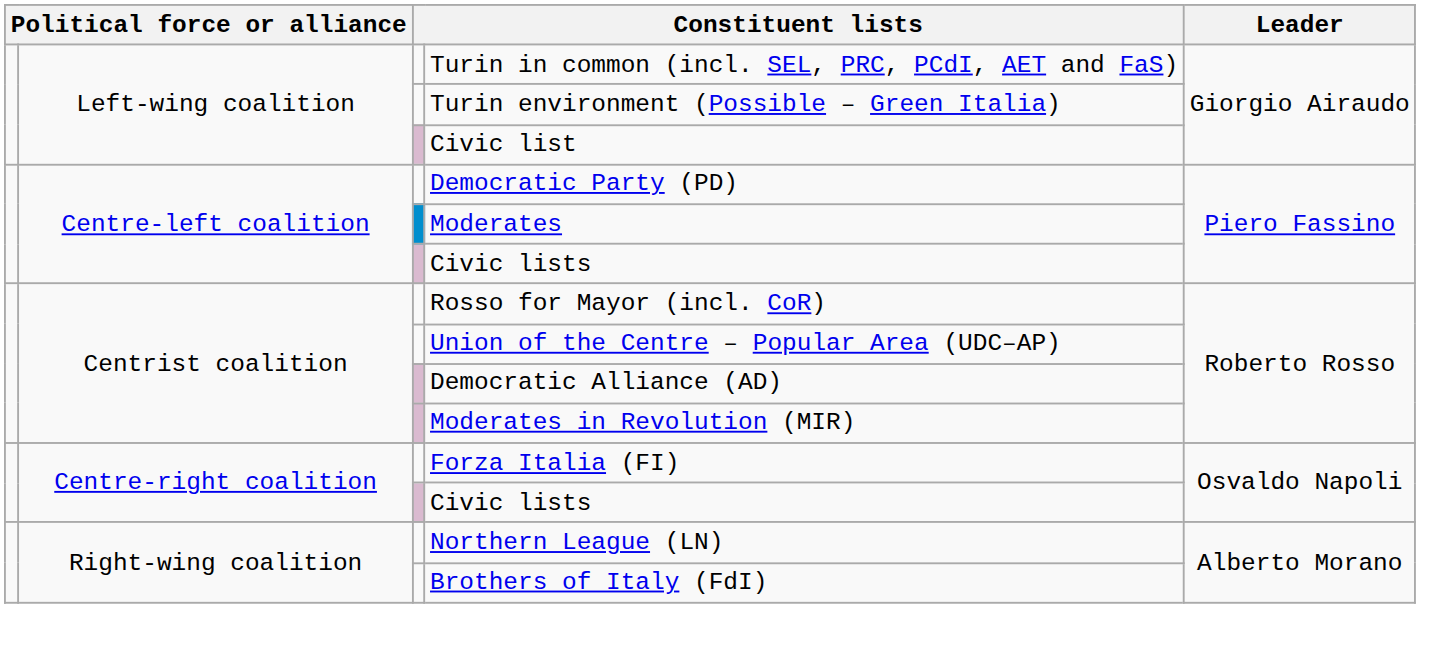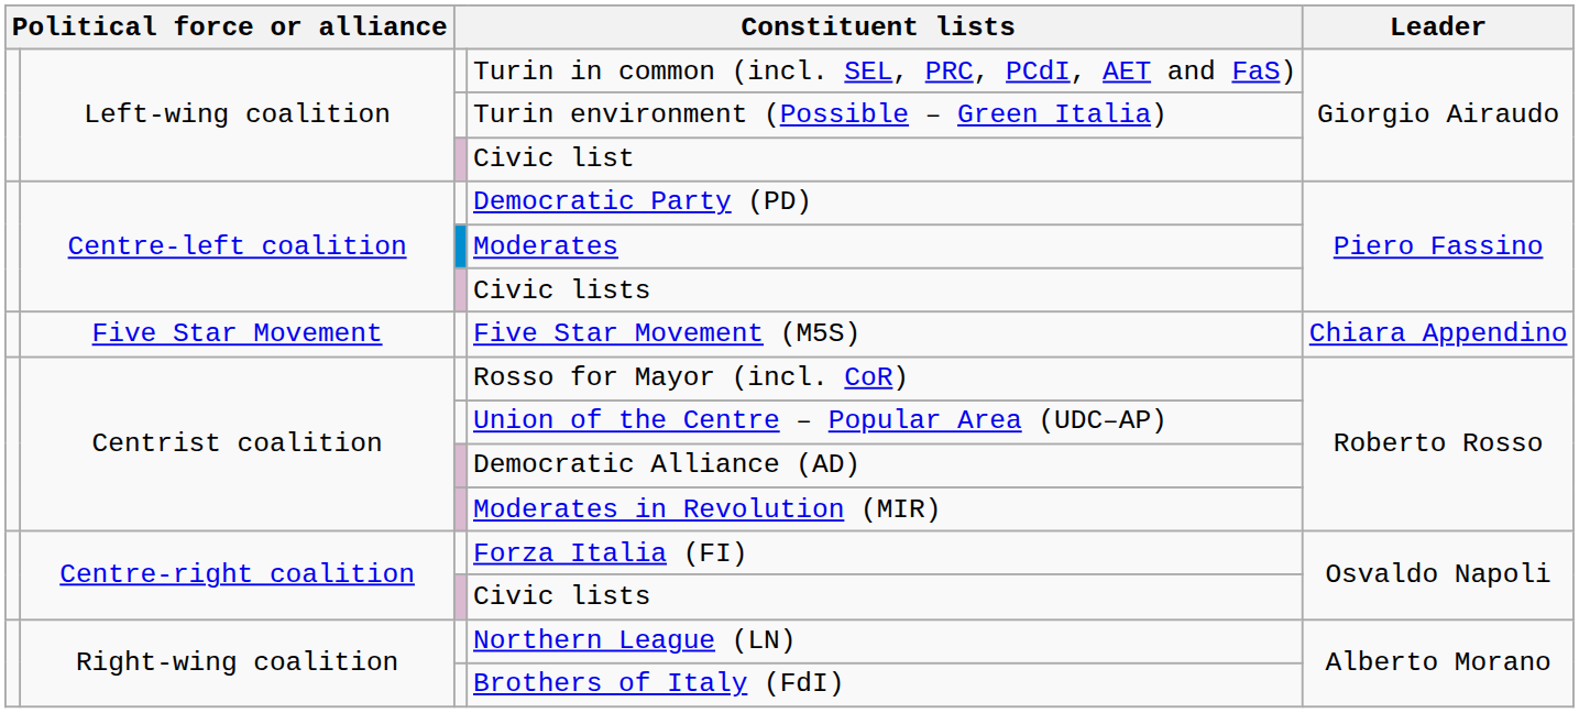 <table class=wikitable style=text-align:left>
 <tr>
 <th colspan=2>Political force or alliance</th>
 <th colspan=2>Constituent lists</th>
 <th>Leader</th>
 </tr>
 <tr>
 <td rowspan=3 style="background-color:"></td>
 <td rowspan="3" style="text-align:center;">Left-wing coalition</td>
 <td></td>
 <td style="text-align:left;">Turin in common (incl. <a href='#'>SEL</a>, <a href='#'>PRC</a>, <a href='#'>PCdI</a>, <a href='#'>AET</a> and <a href='#'>FaS</a>)</td>
 <td rowspan="3" style="text-align:center;">Giorgio Airaudo</td>
 </tr>
 <tr>
 <td></td>
 <td style="text-align:left;">Turin environment (<a href='#'>Possible</a> – <a href='#'>Green Italia</a>)</td>
 </tr>
 <tr>
 <td bgcolor="#DABAD0"></td>
 <td style="text-align:left;">Civic list</td>
 </tr>
 <tr>
 <td rowspan=3 style="background-color:"></td>
 <td rowspan="3" style="text-align:center;"><a href='#'>Centre-left coalition</a></td>
 <td></td>
 <td style="text-align:left;"><a href='#'>Democratic Party</a> (PD)</td>
 <td rowspan="3" style="text-align:center;"><a href='#'>Piero Fassino</a></td>
 </tr>
 <tr>
 <td bgcolor="#008ECE"></td>
 <td style="text-align:left;"><a href='#'>Moderates</a></td>
 </tr>
 <tr>
 <td bgcolor="#DABAD0"></td>
 <td style="text-align:left;">Civic lists</td>
+</tr>
+<tr>
+<td style="background-color:"></td>
+<td style="text-align:center;"><a href='#'>Five Star Movement</a></td>
+<td></td>
+<td style="text-align:left;"><a href='#'>Five Star Movement</a> (M5S)</td>
+<td style="text-align:center;"><a href='#'>Chiara Appendino</a></td>
 </tr>
 <tr>
 <td rowspan=4 style="background-color:"></td>
 <td rowspan="4" style="text-align:center;">Centrist coalition</td>
 <td></td>
 <td style="text-align:left;">Rosso for Mayor (incl. <a href='#'>CoR</a>)</td>
 <td rowspan="4" style="text-align:center;">Roberto Rosso</td>
 </tr>
 <tr>
 <td></td>
 <td style="text-align:left;"><a href='#'>Union of the Centre</a> – <a href='#'>Popular Area</a> (UDC–AP)</td>
 </tr>
 <tr>
 <td bgcolor="#DABAD0"></td>
 <td style="text-align:left;">Democratic Alliance (AD)</td>
 </tr>
 <tr>
 <td bgcolor="#DABAD0"></td>
 <td style="text-align:left;"><a href='#'>Moderates in Revolution</a> (MIR)</td>
 </tr>
 <tr>
 <td rowspan=2 style="background:"></td>
 <td rowspan="2" style="text-align:center;"><a href='#'>Centre-right coalition</a></td>
 <td></td>
 <td style="text-align:left;"><a href='#'>Forza Italia</a> (FI)</td>
 <td rowspan="2" style="text-align:center;">Osvaldo Napoli</td>
 </tr>
 <tr>
 <td bgcolor="#DABAD0"></td>
 <td style="text-align:left;">Civic lists</td>
 </tr>
 <tr>
 <td rowspan=2 style="background:"></td>
 <td rowspan="2" style="text-align:center;">Right-wing coalition</td>
 <td></td>
 <td style="text-align:left;"><a href='#'>Northern League</a> (LN)</td>
 <td rowspan="2" style="text-align:center;">Alberto Morano</td>
 </tr>
 <tr>
 <td></td>
 <td style="text-align:left;"><a href='#'>Brothers of Italy</a> (FdI)</td>
 </tr>
 </table>
